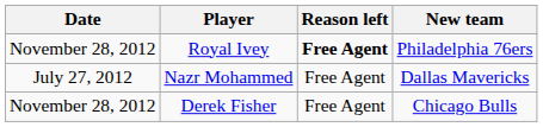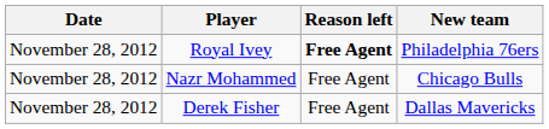 <table class="wikitable" style="text-align: center">
 <tr>
 <th>Date</th>
 <th>Player</th>
 <th>Reason left</th>
 <th>New team</th>
 </tr>
 <tr style="text-align: center">
 <td>November 28, 2012</td>
 <td><a href='#'>Royal Ivey</a></td>
 <td><strong>Free Agent</strong></td>
 <td><a href='#'>Philadelphia 76ers</a></td>
 </tr>
 <tr style="text-align: center">
-<td>July 27, 2012</td>
+<td>November 28, 2012</td>
 <td><a href='#'>Nazr Mohammed</a></td>
 <td>Free Agent</td>
-<td><a href='#'>Dallas Mavericks</a></td>
+<td><a href='#'>Chicago Bulls</a></td>
 </tr>
 <tr style="text-align: center">
 <td>November 28, 2012</td>
 <td><a href='#'>Derek Fisher</a></td>
 <td>Free Agent</td>
-<td><a href='#'>Chicago Bulls</a></td>
+<td><a href='#'>Dallas Mavericks</a></td>
 </tr>
 </table>
